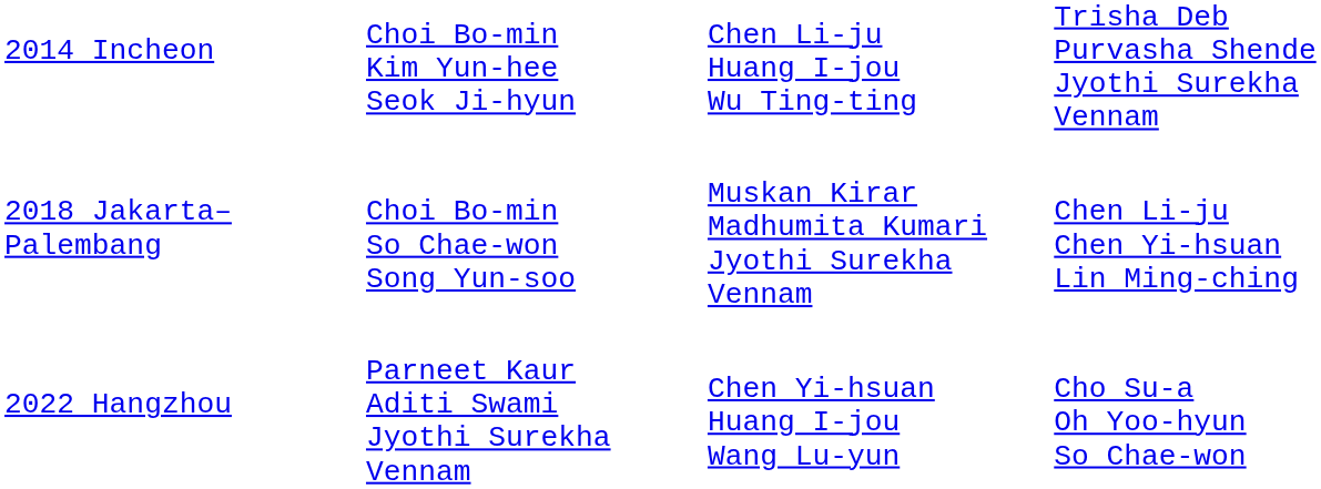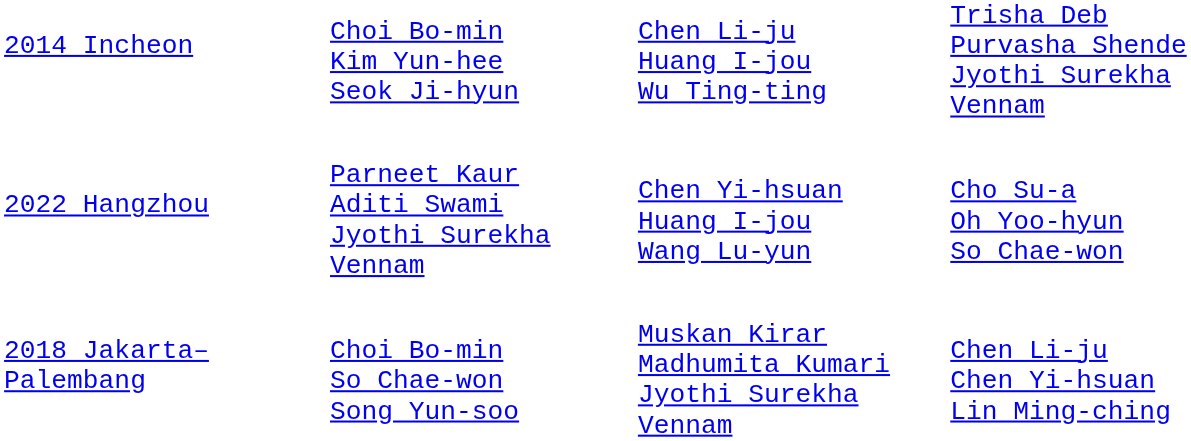 <table>
 <tr>
 <td><a href='#'>2014 Incheon</a></td>
 <td><br><a href='#'>Choi Bo-min</a><br><a href='#'>Kim Yun-hee</a><br><a href='#'>Seok Ji-hyun</a></td>
 <td><br><a href='#'>Chen Li-ju</a><br><a href='#'>Huang I-jou</a><br><a href='#'>Wu Ting-ting</a></td>
 <td><br><a href='#'>Trisha Deb</a><br><a href='#'>Purvasha Shende</a><br><a href='#'>Jyothi Surekha Vennam</a></td>
 </tr>
 <tr>
+<td><a href='#'>2022 Hangzhou</a></td>
+<td><br><a href='#'>Parneet Kaur</a><br><a href='#'>Aditi Swami</a><br><a href='#'>Jyothi Surekha Vennam</a></td>
+<td><br><a href='#'>Chen Yi-hsuan</a><br><a href='#'>Huang I-jou</a><br><a href='#'>Wang Lu-yun</a></td>
+<td><br><a href='#'>Cho Su-a</a><br><a href='#'>Oh Yoo-hyun</a><br><a href='#'>So Chae-won</a></td>
+</tr>
+<tr>
 <td><a href='#'>2018 Jakarta–Palembang</a></td>
 <td><br><a href='#'>Choi Bo-min</a><br><a href='#'>So Chae-won</a><br><a href='#'>Song Yun-soo</a></td>
 <td><br><a href='#'>Muskan Kirar</a><br><a href='#'>Madhumita Kumari</a><br><a href='#'>Jyothi Surekha Vennam</a></td>
 <td><br><a href='#'>Chen Li-ju</a><br><a href='#'>Chen Yi-hsuan</a><br><a href='#'>Lin Ming-ching</a></td>
 </tr>
-<tr>
-<td><a href='#'>2022 Hangzhou</a></td>
-<td><br><a href='#'>Parneet Kaur</a><br><a href='#'>Aditi Swami</a><br><a href='#'>Jyothi Surekha Vennam</a></td>
-<td><br><a href='#'>Chen Yi-hsuan</a><br><a href='#'>Huang I-jou</a><br><a href='#'>Wang Lu-yun</a></td>
-<td><br><a href='#'>Cho Su-a</a><br><a href='#'>Oh Yoo-hyun</a><br><a href='#'>So Chae-won</a></td>
-</tr>
 </table>
